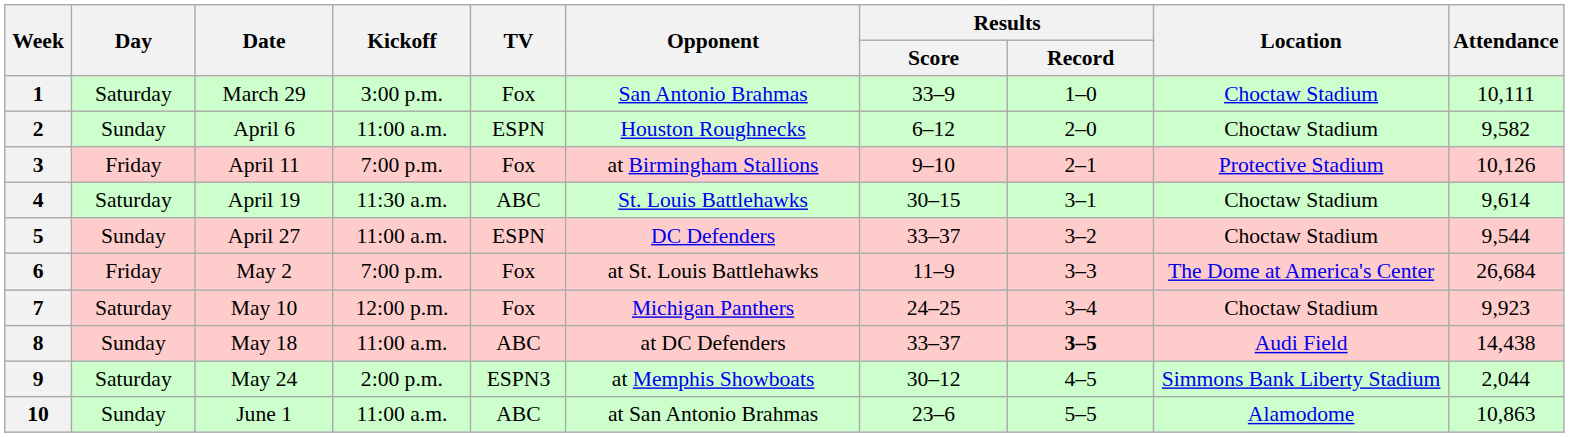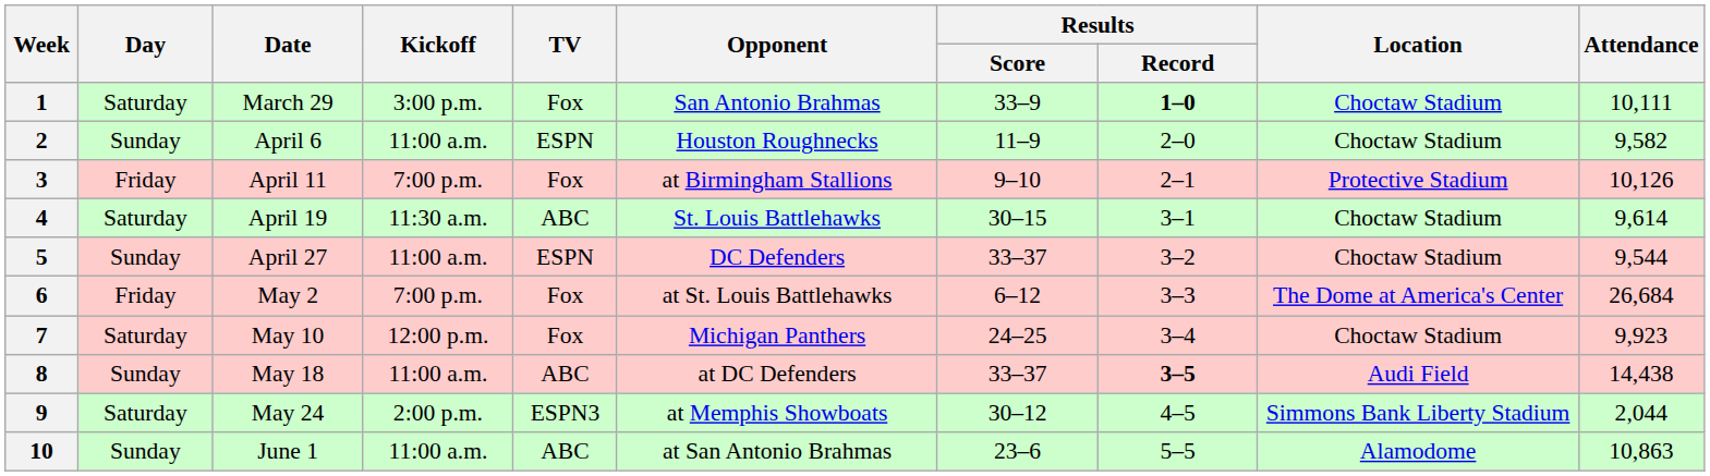 <table class="wikitable" style="text-align:center; font-size: 95%;">
 <tr>
 <th rowspan="2" width="40">Week</th>
 <th rowspan="2" width="80">Day</th>
 <th rowspan="2" width="90">Date</th>
 <th rowspan="2" width="90">Kickoff</th>
 <th rowspan="2" width="60">TV</th>
 <th rowspan="2" width="200">Opponent</th>
 <th colspan="2" width="200">Results</th>
 <th rowspan="2" width="200">Location</th>
 <th rowspan="2">Attendance</th>
 </tr>
 <tr>
 <th width="60">Score</th>
 <th width="60">Record</th>
 </tr>
 <tr style="background:#ccffcc">
 <th>1</th>
 <td>Saturday</td>
 <td>March 29</td>
 <td>3:00 p.m.</td>
 <td>Fox</td>
 <td><a href='#'>San Antonio Brahmas</a></td>
 <td>33–9</td>
-<td>1–0</td>
+<td><strong>1–0</strong></td>
 <td><a href='#'>Choctaw Stadium</a></td>
 <td>10,111</td>
 </tr>
 <tr style="background:#ccffcc">
 <th>2</th>
 <td>Sunday</td>
 <td>April 6</td>
 <td>11:00 a.m.</td>
 <td>ESPN</td>
 <td><a href='#'>Houston Roughnecks</a></td>
-<td>6–12</td>
+<td>11–9</td>
 <td>2–0</td>
 <td>Choctaw Stadium</td>
 <td>9,582</td>
 </tr>
 <tr style="background:#ffcccc">
 <th>3</th>
 <td>Friday</td>
 <td>April 11</td>
 <td>7:00 p.m.</td>
 <td>Fox</td>
 <td>at <a href='#'>Birmingham Stallions</a></td>
 <td>9–10</td>
 <td>2–1</td>
 <td><a href='#'>Protective Stadium</a></td>
 <td>10,126</td>
 </tr>
 <tr style="background:#ccffcc">
 <th>4</th>
 <td>Saturday</td>
 <td>April 19</td>
 <td>11:30 a.m.</td>
 <td>ABC</td>
 <td><a href='#'>St. Louis Battlehawks</a></td>
 <td>30–15</td>
 <td>3–1</td>
 <td>Choctaw Stadium</td>
 <td>9,614</td>
 </tr>
 <tr style="background:#ffcccc">
 <th>5</th>
 <td>Sunday</td>
 <td>April 27</td>
 <td>11:00 a.m.</td>
 <td>ESPN</td>
 <td><a href='#'>DC Defenders</a></td>
 <td>33–37</td>
 <td>3–2</td>
 <td>Choctaw Stadium</td>
 <td>9,544</td>
 </tr>
 <tr style="background:#ffcccc">
 <th>6</th>
 <td>Friday</td>
 <td>May 2</td>
 <td>7:00 p.m.</td>
 <td>Fox</td>
 <td>at St. Louis Battlehawks</td>
-<td>11–9</td>
+<td>6–12</td>
 <td>3–3</td>
 <td><a href='#'>The Dome at America's Center</a></td>
 <td>26,684</td>
 </tr>
 <tr style="background:#ffcccc">
 <th>7</th>
 <td>Saturday</td>
 <td>May 10</td>
 <td>12:00 p.m.</td>
 <td>Fox</td>
 <td><a href='#'>Michigan Panthers</a></td>
 <td>24–25</td>
 <td>3–4</td>
 <td>Choctaw Stadium</td>
 <td>9,923</td>
 </tr>
 <tr style="background:#ffcccc">
 <th>8</th>
 <td>Sunday</td>
 <td>May 18</td>
 <td>11:00 a.m.</td>
 <td>ABC</td>
 <td>at DC Defenders</td>
 <td>33–37</td>
 <td><strong>3–5</strong></td>
 <td><a href='#'>Audi Field</a></td>
 <td>14,438</td>
 </tr>
 <tr style="background:#ccffcc">
 <th>9</th>
 <td>Saturday</td>
 <td>May 24</td>
 <td>2:00 p.m.</td>
 <td>ESPN3</td>
 <td>at <a href='#'>Memphis Showboats</a></td>
 <td>30–12</td>
 <td>4–5</td>
 <td><a href='#'>Simmons Bank Liberty Stadium</a></td>
 <td>2,044</td>
 </tr>
 <tr style="background:#ccffcc">
 <th>10</th>
 <td>Sunday</td>
 <td>June 1</td>
 <td>11:00 a.m.</td>
 <td>ABC</td>
 <td>at San Antonio Brahmas</td>
 <td>23–6</td>
 <td>5–5</td>
 <td><a href='#'>Alamodome</a></td>
 <td>10,863</td>
 </tr>
 </table>
